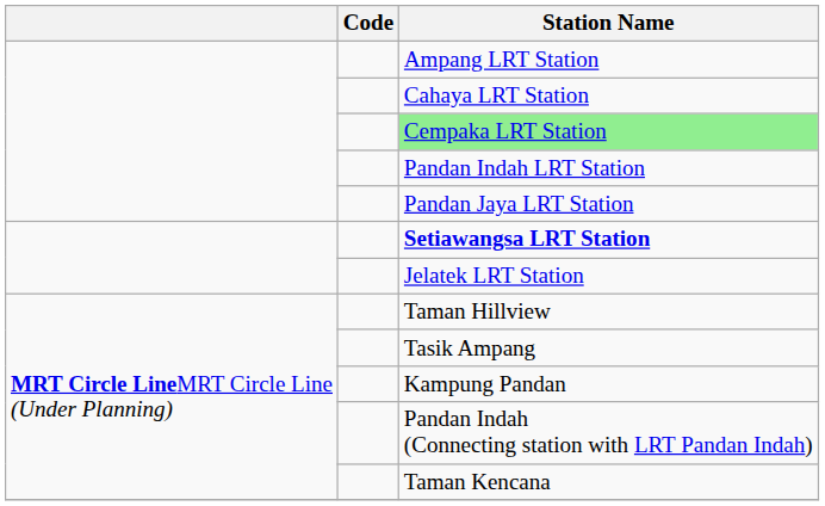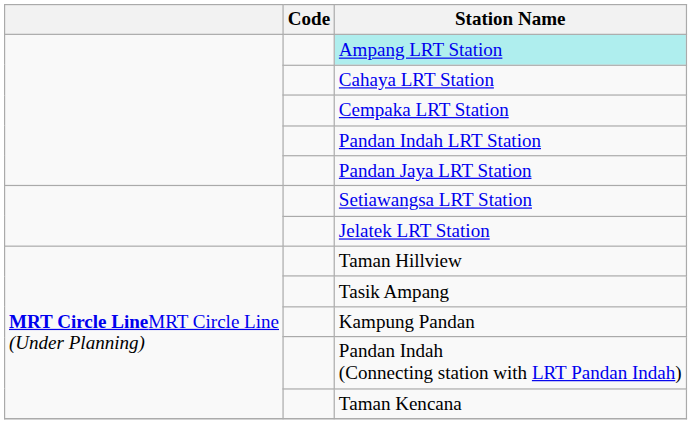 <table class="wikitable">
 <tr>
 <th></th>
 <th>Code</th>
 <th>Station Name</th>
 </tr>
 <tr>
 <td rowspan="5"> </td>
 <td></td>
-<td><a href='#'>Ampang LRT Station</a></td>
+<td style="background: paleturquoise;"><a href='#'>Ampang LRT Station</a></td>
 </tr>
 <tr>
 <td></td>
 <td><a href='#'>Cahaya LRT Station</a></td>
 </tr>
 <tr>
 <td></td>
-<td style="background: lightgreen;"><a href='#'>Cempaka LRT Station</a></td>
+<td><a href='#'>Cempaka LRT Station</a></td>
 </tr>
 <tr>
 <td></td>
 <td><a href='#'>Pandan Indah LRT Station</a></td>
 </tr>
 <tr>
 <td></td>
 <td><a href='#'>Pandan Jaya LRT Station</a></td>
 </tr>
 <tr>
 <td rowspan="2"> </td>
 <td></td>
-<td><strong><a href='#'>Setiawangsa LRT Station</a></strong></td>
+<td><a href='#'>Setiawangsa LRT Station</a></td>
 </tr>
 <tr>
 <td></td>
 <td><a href='#'>Jelatek LRT Station</a></td>
 </tr>
 <tr>
 <td rowspan="5"> <strong><a href='#'>MRT Circle Line</a></strong><a href='#'>MRT Circle Line</a><br><em>(Under Planning)</em></td>
 <td></td>
 <td>Taman Hillview</td>
 </tr>
 <tr>
 <td></td>
 <td>Tasik Ampang</td>
 </tr>
 <tr>
 <td></td>
 <td>Kampung Pandan</td>
 </tr>
 <tr>
 <td></td>
 <td>Pandan Indah <br>(Connecting station with <a href='#'>LRT Pandan Indah</a>)</td>
 </tr>
 <tr>
 <td></td>
 <td>Taman Kencana</td>
 </tr>
 <tr>
 </tr>
 </table>
